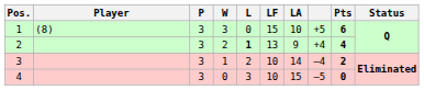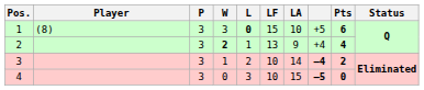 <table class="wikitable" style="text-align:center; margin: 1em auto 1em auto, align:left">
 <tr>
 <th width=25>Pos.</th>
 <th width=200>Player</th>
 <th width=25>P</th>
 <th width=25>W</th>
 <th width=25>L</th>
 <th width=25>LF</th>
 <th width=25>LA</th>
 <th width=25></th>
 <th width=25>Pts</th>
 <th width=75>Status</th>
 </tr>
 <tr style="background:#CCFFCC">
 <td>1</td>
 <td align=left> (8)</td>
 <td>3</td>
 <td>3</td>
-<td>0</td>
+<td><strong>0</strong></td>
 <td>15</td>
 <td>10</td>
 <td>+5</td>
 <td><strong>6</strong></td>
 <td rowspan=2><strong>Q</strong></td>
 </tr>
 <tr style="background:#CCFFCC">
 <td>2</td>
 <td align=left></td>
 <td>3</td>
-<td>2</td>
-<td><strong>1</strong></td>
+<td><strong>2</strong></td>
+<td>1</td>
 <td>13</td>
 <td>9</td>
 <td>+4</td>
 <td><strong>4</strong></td>
 </tr>
 <tr style="background:#FFCCCC;">
 <td>3</td>
 <td align=left></td>
 <td>3</td>
 <td>1</td>
 <td>2</td>
 <td>10</td>
 <td>14</td>
-<td>–4</td>
+<td><strong>–4</strong></td>
 <td><strong>2</strong></td>
 <td rowspan=2><strong>Eliminated</strong></td>
 </tr>
 <tr style="background:#FFCCCC;">
 <td>4</td>
 <td align=left></td>
 <td>3</td>
 <td>0</td>
 <td>3</td>
 <td>10</td>
 <td>15</td>
-<td>–5</td>
+<td><strong>–5</strong></td>
 <td><strong>0</strong></td>
 </tr>
 </table>
